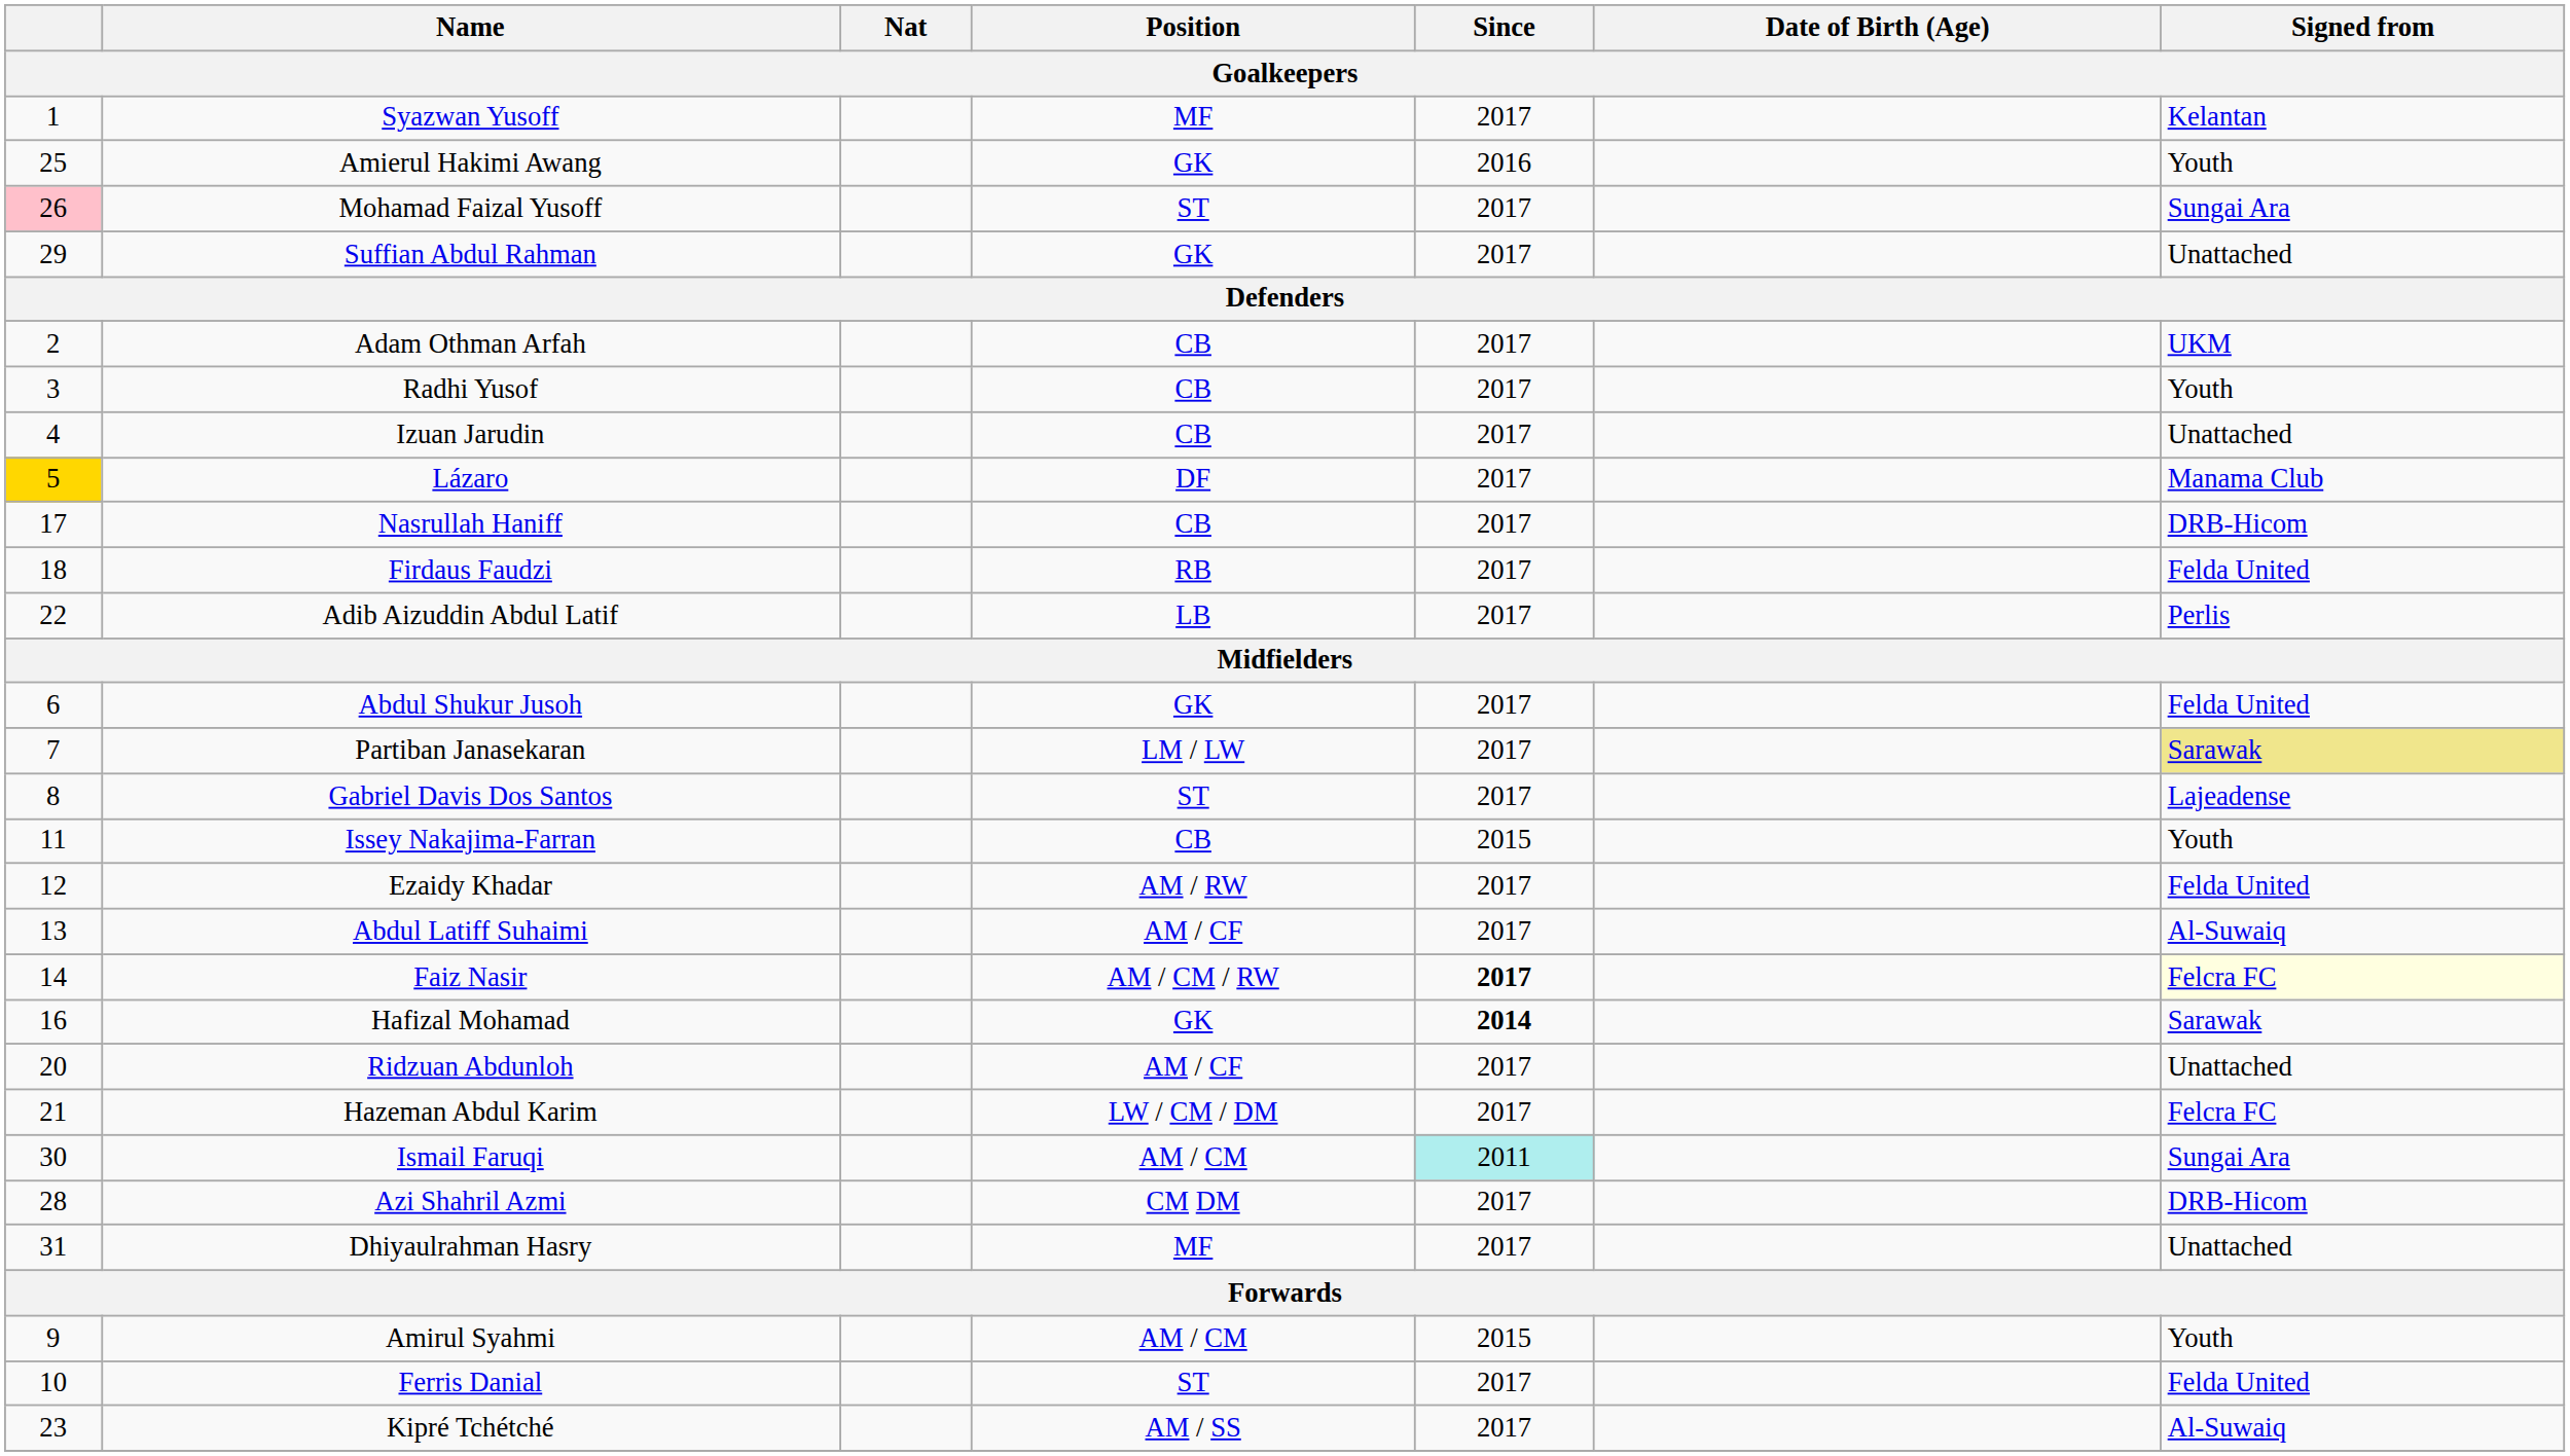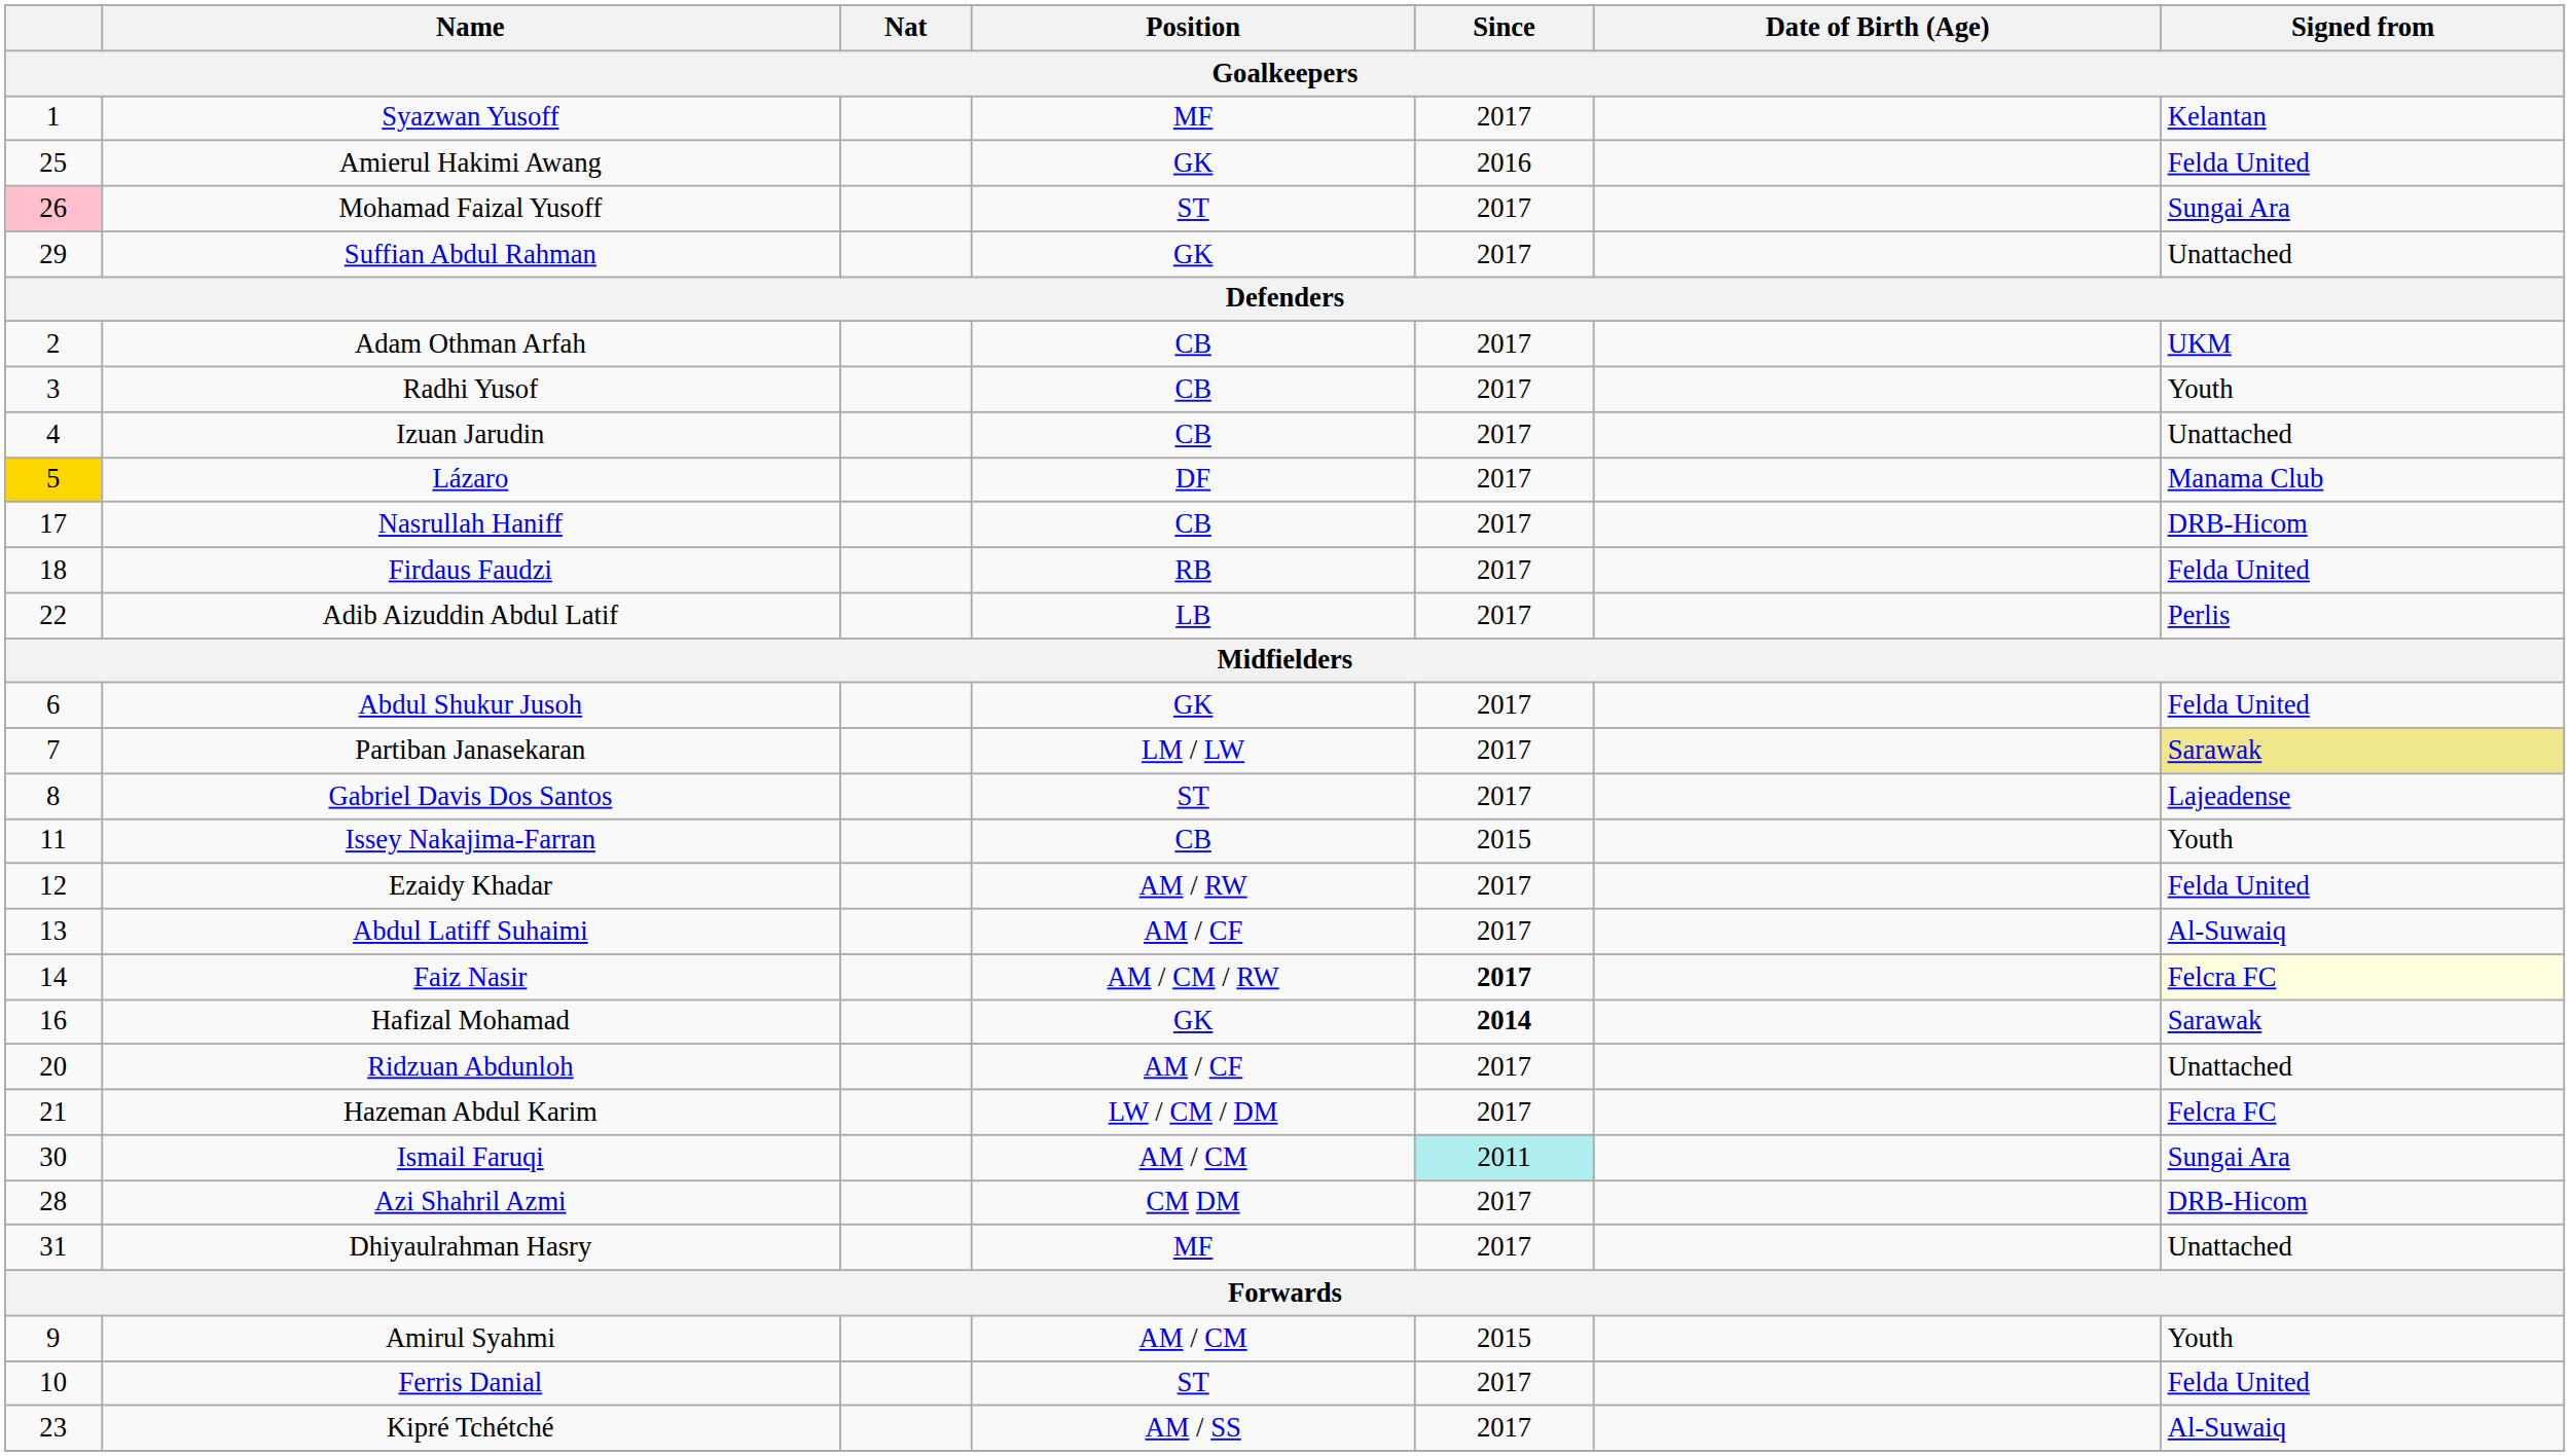 <table class="wikitable sortable"  style="text-align:center; font-size:90%; width:85%;">
 <tr>
 <th style="background:; color:; text-align:center;"></th>
 <th style="background:; color:; text-align:center;">Name</th>
 <th style="background:; color:; text-align:center;">Nat</th>
 <th style="background:; color:; text-align:center;">Position</th>
 <th style="background:; color:; text-align:center;">Since</th>
 <th style="background:; color:; text-align:center;">Date of Birth (Age)</th>
 <th style="background:; color:; text-align:center;">Signed from</th>
 </tr>
 <tr>
 <th colspan=11  style="background:; color:; text-align:center;">Goalkeepers</th>
 </tr>
 <tr>
 <td>1</td>
 <td><a href='#'>Syazwan Yusoff</a></td>
 <td></td>
 <td><a href='#'>MF</a></td>
 <td>2017</td>
 <td></td>
 <td align="left"> <a href='#'>Kelantan</a></td>
 </tr>
 <tr>
 <td>25</td>
 <td>Amierul Hakimi Awang</td>
 <td></td>
 <td><a href='#'>GK</a></td>
 <td>2016</td>
 <td></td>
-<td align="left">Youth</td>
+<td align="left"> <a href='#'>Felda United</a></td>
 </tr>
 <tr>
 <td style="background: pink;">26</td>
 <td>Mohamad Faizal Yusoff</td>
 <td></td>
 <td><a href='#'>ST</a></td>
 <td>2017</td>
 <td></td>
 <td align="left"> <a href='#'>Sungai Ara</a></td>
 </tr>
 <tr>
 <td>29</td>
 <td><a href='#'>Suffian Abdul Rahman</a></td>
 <td></td>
 <td><a href='#'>GK</a></td>
 <td>2017</td>
 <td></td>
 <td align="left">Unattached</td>
 </tr>
 <tr>
 <th colspan=11  style="background:; color:; text-align:center;">Defenders</th>
 </tr>
 <tr>
 <td>2</td>
 <td>Adam Othman Arfah</td>
 <td></td>
 <td><a href='#'>CB</a></td>
 <td>2017</td>
 <td></td>
 <td align="left"> <a href='#'>UKM</a></td>
 </tr>
 <tr>
 <td>3</td>
 <td>Radhi Yusof</td>
 <td></td>
 <td><a href='#'>CB</a></td>
 <td>2017</td>
 <td></td>
 <td align="left">Youth</td>
 </tr>
 <tr>
 <td>4</td>
 <td>Izuan Jarudin</td>
 <td></td>
 <td><a href='#'>CB</a></td>
 <td>2017</td>
 <td></td>
 <td align="left">Unattached</td>
 </tr>
 <tr>
 <td style="background: gold;">5</td>
 <td><a href='#'>Lázaro</a></td>
 <td></td>
 <td><a href='#'>DF</a></td>
 <td>2017</td>
 <td></td>
 <td align="left"> <a href='#'>Manama Club</a></td>
 </tr>
 <tr>
 <td>17</td>
 <td><a href='#'>Nasrullah Haniff</a></td>
 <td></td>
 <td><a href='#'>CB</a></td>
 <td>2017</td>
 <td></td>
 <td align="left"> <a href='#'>DRB-Hicom</a></td>
 </tr>
 <tr>
 <td>18</td>
 <td><a href='#'>Firdaus Faudzi</a></td>
 <td></td>
 <td><a href='#'>RB</a></td>
 <td>2017</td>
 <td></td>
 <td align="left"> <a href='#'>Felda United</a></td>
 </tr>
 <tr>
 <td>22</td>
 <td>Adib Aizuddin Abdul Latif</td>
 <td></td>
 <td><a href='#'>LB</a></td>
 <td>2017</td>
 <td></td>
 <td align="left"> <a href='#'>Perlis</a></td>
 </tr>
 <tr>
 <th colspan=11  style="background:; color:; text-align:center;">Midfielders</th>
 </tr>
 <tr>
 <td>6</td>
 <td><a href='#'>Abdul Shukur Jusoh</a></td>
 <td></td>
 <td><a href='#'>GK</a></td>
 <td>2017</td>
 <td></td>
 <td align="left"> <a href='#'>Felda United</a></td>
 </tr>
 <tr>
 <td>7</td>
 <td>Partiban Janasekaran</td>
 <td></td>
 <td><a href='#'>LM</a> / <a href='#'>LW</a></td>
 <td>2017</td>
 <td></td>
 <td align="left" style="background: khaki;"> <a href='#'>Sarawak</a></td>
 </tr>
 <tr>
 <td>8</td>
 <td><a href='#'>Gabriel Davis Dos Santos</a></td>
 <td></td>
 <td><a href='#'>ST</a></td>
 <td>2017</td>
 <td></td>
 <td align="left"> <a href='#'>Lajeadense</a></td>
 </tr>
 <tr>
 <td>11</td>
 <td><a href='#'>Issey Nakajima-Farran</a></td>
 <td></td>
 <td><a href='#'>CB</a></td>
 <td>2015</td>
 <td></td>
 <td align="left">Youth</td>
 </tr>
 <tr>
 <td>12</td>
 <td>Ezaidy Khadar</td>
 <td></td>
 <td><a href='#'>AM</a> / <a href='#'>RW</a></td>
 <td>2017</td>
 <td></td>
 <td align="left"> <a href='#'>Felda United</a></td>
 </tr>
 <tr>
 <td>13</td>
 <td><a href='#'>Abdul Latiff Suhaimi</a></td>
 <td></td>
 <td><a href='#'>AM</a> / <a href='#'>CF</a></td>
 <td>2017</td>
 <td></td>
 <td align="left"> <a href='#'>Al-Suwaiq</a></td>
 </tr>
 <tr>
 <td>14</td>
 <td><a href='#'>Faiz Nasir</a></td>
 <td></td>
 <td><a href='#'>AM</a> / <a href='#'>CM</a> / <a href='#'>RW</a></td>
 <td><strong>2017</strong></td>
 <td></td>
 <td align="left" style="background: lightyellow;"> <a href='#'>Felcra FC</a></td>
 </tr>
 <tr>
 <td>16</td>
 <td>Hafizal Mohamad</td>
 <td></td>
 <td><a href='#'>GK</a></td>
 <td><strong>2014</strong></td>
 <td></td>
 <td align="left"> <a href='#'>Sarawak</a></td>
 </tr>
 <tr>
 <td>20</td>
 <td><a href='#'>Ridzuan Abdunloh</a></td>
 <td></td>
 <td><a href='#'>AM</a> / <a href='#'>CF</a></td>
 <td>2017</td>
 <td></td>
 <td align="left">Unattached</td>
 </tr>
 <tr>
 <td>21</td>
 <td>Hazeman Abdul Karim</td>
 <td></td>
 <td><a href='#'>LW</a> / <a href='#'>CM</a> / <a href='#'>DM</a></td>
 <td>2017</td>
 <td></td>
 <td align="left"> <a href='#'>Felcra FC</a></td>
 </tr>
 <tr>
 <td>30</td>
 <td><a href='#'>Ismail Faruqi</a></td>
 <td></td>
 <td><a href='#'>AM</a> / <a href='#'>CM</a></td>
 <td style="background: paleturquoise;">2011</td>
 <td></td>
 <td align="left"> <a href='#'>Sungai Ara</a></td>
 </tr>
 <tr>
 <td>28</td>
 <td><a href='#'>Azi Shahril Azmi</a></td>
 <td></td>
 <td><a href='#'>CM</a> <a href='#'>DM</a></td>
 <td>2017</td>
 <td></td>
 <td align="left"> <a href='#'>DRB-Hicom</a></td>
 </tr>
 <tr>
 <td>31</td>
 <td>Dhiyaulrahman Hasry</td>
 <td></td>
 <td><a href='#'>MF</a></td>
 <td>2017</td>
 <td></td>
 <td align="left">Unattached</td>
 </tr>
 <tr>
 <th colspan=11  style="background:; color:; text-align:center;">Forwards</th>
 </tr>
 <tr>
 <td>9</td>
 <td>Amirul Syahmi</td>
 <td></td>
 <td><a href='#'>AM</a> / <a href='#'>CM</a></td>
 <td>2015</td>
 <td></td>
 <td align="left">Youth</td>
 </tr>
 <tr>
 <td>10</td>
 <td><a href='#'>Ferris Danial</a></td>
 <td></td>
 <td><a href='#'>ST</a></td>
 <td>2017</td>
 <td></td>
 <td align="left"> <a href='#'>Felda United</a></td>
 </tr>
 <tr>
 <td>23</td>
 <td>Kipré Tchétché</td>
 <td></td>
 <td><a href='#'>AM</a> / <a href='#'>SS</a></td>
 <td>2017</td>
 <td></td>
 <td align="left"> <a href='#'>Al-Suwaiq</a></td>
 </tr>
 <tr>
 </tr>
 </table>
